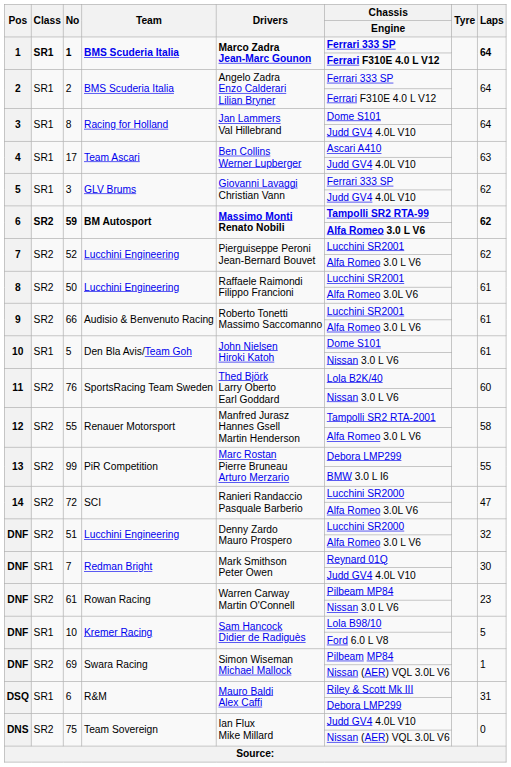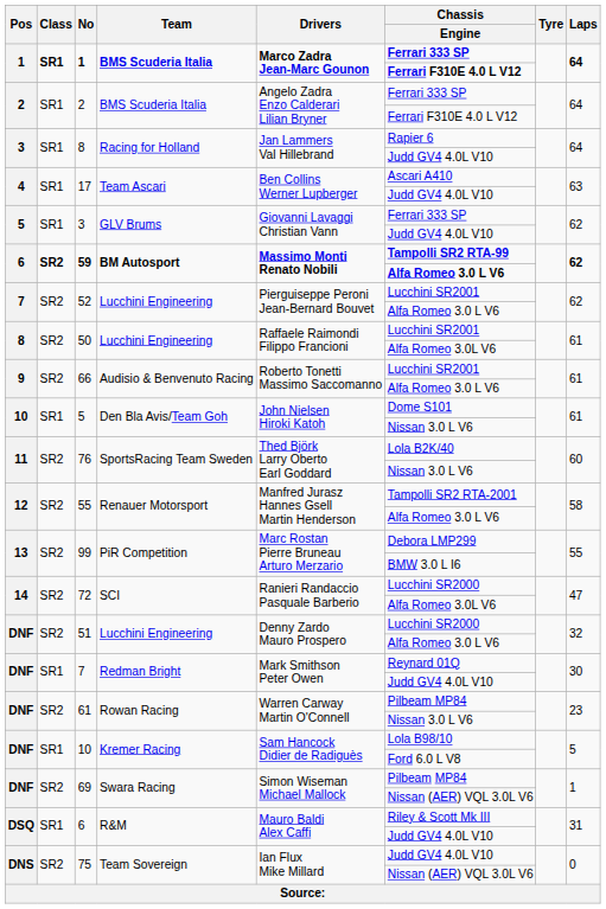 <table class="wikitable">
 <tr>
 <th rowspan="2">Pos</th>
 <th rowspan="2">Class</th>
 <th rowspan="2">No</th>
 <th rowspan="2">Team</th>
 <th rowspan="2">Drivers</th>
 <th>Chassis</th>
 <th rowspan="2">Tyre</th>
 <th rowspan="2">Laps</th>
 </tr>
 <tr>
 <th>Engine</th>
 </tr>
 <tr>
 <th rowspan="2">1</th>
 <td rowspan="2"><strong>SR1</strong></td>
 <td rowspan="2"><strong>1</strong></td>
 <td rowspan="2"><strong> <a href='#'>BMS Scuderia Italia</a></strong></td>
 <td rowspan="2"><strong> Marco Zadra<br> <a href='#'>Jean-Marc Gounon</a></strong></td>
 <td><strong><a href='#'>Ferrari 333 SP</a></strong></td>
 <td rowspan="2"></td>
 <td rowspan="2"><strong>64</strong></td>
 </tr>
 <tr>
 <td><strong><a href='#'>Ferrari</a> F310E 4.0 L V12</strong></td>
 </tr>
 <tr>
 <th rowspan="2">2</th>
 <td rowspan="2">SR1</td>
 <td rowspan="2">2</td>
 <td rowspan="2"> <a href='#'>BMS Scuderia Italia</a></td>
 <td rowspan="2"> Angelo Zadra<br> <a href='#'>Enzo Calderari</a><br> <a href='#'>Lilian Bryner</a></td>
 <td><a href='#'>Ferrari 333 SP</a></td>
 <td rowspan="2"></td>
 <td rowspan="2">64</td>
 </tr>
 <tr>
 <td><a href='#'>Ferrari</a> F310E 4.0 L V12</td>
 </tr>
 <tr>
 <th rowspan="2">3</th>
 <td rowspan="2">SR1</td>
 <td rowspan="2">8</td>
 <td rowspan="2"> <a href='#'>Racing for Holland</a></td>
 <td rowspan="2"> <a href='#'>Jan Lammers</a><br> Val Hillebrand</td>
-<td><a href='#'>Dome S101</a></td>
+<td><a href='#'>Rapier 6</a></td>
 <td rowspan="2"></td>
 <td rowspan="2">64</td>
 </tr>
 <tr>
 <td><a href='#'>Judd GV4</a> 4.0L V10</td>
 </tr>
 <tr>
 <th rowspan="2">4</th>
 <td rowspan="2">SR1</td>
 <td rowspan="2">17</td>
 <td rowspan="2"> <a href='#'>Team Ascari</a></td>
 <td rowspan="2"> <a href='#'>Ben Collins</a><br> <a href='#'>Werner Lupberger</a></td>
 <td><a href='#'>Ascari A410</a></td>
 <td rowspan="2"></td>
 <td rowspan="2">63</td>
 </tr>
 <tr>
 <td><a href='#'>Judd GV4</a> 4.0L V10</td>
 </tr>
 <tr>
 <th rowspan="2">5</th>
 <td rowspan="2">SR1</td>
 <td rowspan="2">3</td>
 <td rowspan="2"> <a href='#'>GLV Brums</a></td>
 <td rowspan="2"> <a href='#'>Giovanni Lavaggi</a><br> Christian Vann</td>
 <td><a href='#'>Ferrari 333 SP</a></td>
 <td rowspan="2"></td>
 <td rowspan="2">62</td>
 </tr>
 <tr>
 <td><a href='#'>Judd GV4</a> 4.0L V10</td>
 </tr>
 <tr>
 <th rowspan="2">6</th>
 <td rowspan="2"><strong>SR2</strong></td>
 <td rowspan="2"><strong>59</strong></td>
 <td rowspan="2"><strong> BM Autosport</strong></td>
 <td rowspan="2"><strong> <a href='#'>Massimo Monti</a><br> Renato Nobili</strong></td>
 <td><strong><a href='#'>Tampolli SR2 RTA-99</a></strong></td>
 <td rowspan="2"></td>
 <td rowspan="2"><strong>62</strong></td>
 </tr>
 <tr>
 <td><strong><a href='#'>Alfa Romeo</a> 3.0 L V6</strong></td>
 </tr>
 <tr>
 <th rowspan="2">7</th>
 <td rowspan="2">SR2</td>
 <td rowspan="2">52</td>
 <td rowspan="2"> <a href='#'>Lucchini Engineering</a></td>
 <td rowspan="2"> Pierguiseppe Peroni<br> Jean-Bernard Bouvet</td>
 <td><a href='#'>Lucchini SR2001</a></td>
 <td rowspan="2"></td>
 <td rowspan="2">62</td>
 </tr>
 <tr>
 <td><a href='#'>Alfa Romeo</a> 3.0 L V6</td>
 </tr>
 <tr>
 <th rowspan="2">8</th>
 <td rowspan="2">SR2</td>
 <td rowspan="2">50</td>
 <td rowspan="2"> <a href='#'>Lucchini Engineering</a></td>
 <td rowspan="2"> Raffaele Raimondi<br> Filippo Francioni</td>
 <td><a href='#'>Lucchini SR2001</a></td>
 <td rowspan="2"></td>
 <td rowspan="2">61</td>
 </tr>
 <tr>
 <td><a href='#'>Alfa Romeo</a> 3.0L V6</td>
 </tr>
 <tr>
 <th rowspan="2">9</th>
 <td rowspan="2">SR2</td>
 <td rowspan="2">66</td>
 <td rowspan="2"> Audisio & Benvenuto Racing</td>
 <td rowspan="2"> Roberto Tonetti<br> Massimo Saccomanno</td>
 <td><a href='#'>Lucchini SR2001</a></td>
 <td rowspan="2"></td>
 <td rowspan="2">61</td>
 </tr>
 <tr>
 <td><a href='#'>Alfa Romeo</a> 3.0 L V6</td>
 </tr>
 <tr>
 <th rowspan="2">10</th>
 <td rowspan="2">SR1</td>
 <td rowspan="2">5</td>
 <td rowspan="2"> Den Bla Avis/<a href='#'>Team Goh</a></td>
 <td rowspan="2"> <a href='#'>John Nielsen</a><br> <a href='#'>Hiroki Katoh</a></td>
 <td><a href='#'>Dome S101</a></td>
 <td rowspan="2"></td>
 <td rowspan="2">61</td>
 </tr>
 <tr>
 <td><a href='#'>Nissan</a> 3.0 L V6</td>
 </tr>
 <tr>
 <th rowspan="2">11</th>
 <td rowspan="2">SR2</td>
 <td rowspan="2">76</td>
 <td rowspan="2"> SportsRacing Team Sweden</td>
 <td rowspan="2"> <a href='#'>Thed Björk</a><br> Larry Oberto<br> Earl Goddard</td>
 <td><a href='#'>Lola B2K/40</a></td>
 <td rowspan="2"></td>
 <td rowspan="2">60</td>
 </tr>
 <tr>
 <td><a href='#'>Nissan</a> 3.0 L V6</td>
 </tr>
 <tr>
 <th rowspan="2">12</th>
 <td rowspan="2">SR2</td>
 <td rowspan="2">55</td>
 <td rowspan="2"> Renauer Motorsport</td>
 <td rowspan="2"> Manfred Jurasz<br> Hannes Gsell<br> Martin Henderson</td>
 <td><a href='#'>Tampolli SR2 RTA-2001</a></td>
 <td rowspan="2"></td>
 <td rowspan="2">58</td>
 </tr>
 <tr>
 <td><a href='#'>Alfa Romeo</a> 3.0 L V6</td>
 </tr>
 <tr>
 <th rowspan="2">13</th>
 <td rowspan="2">SR2</td>
 <td rowspan="2">99</td>
 <td rowspan="2"> PiR Competition</td>
 <td rowspan="2"> <a href='#'>Marc Rostan</a><br> Pierre Bruneau<br> <a href='#'>Arturo Merzario</a></td>
 <td><a href='#'>Debora LMP299</a></td>
 <td rowspan="2"></td>
 <td rowspan="2">55</td>
 </tr>
 <tr>
 <td><a href='#'>BMW</a> 3.0 L I6</td>
 </tr>
 <tr>
 <th rowspan="2">14</th>
 <td rowspan="2">SR2</td>
 <td rowspan="2">72</td>
 <td rowspan="2"> SCI</td>
 <td rowspan="2"> Ranieri Randaccio<br> Pasquale Barberio</td>
 <td><a href='#'>Lucchini SR2000</a></td>
 <td rowspan="2"></td>
 <td rowspan="2">47</td>
 </tr>
 <tr>
 <td><a href='#'>Alfa Romeo</a> 3.0L V6</td>
 </tr>
 <tr>
 <th rowspan="2">DNF</th>
 <td rowspan="2">SR2</td>
 <td rowspan="2">51</td>
 <td rowspan="2"> <a href='#'>Lucchini Engineering</a></td>
 <td rowspan="2"> Denny Zardo<br> Mauro Prospero</td>
 <td><a href='#'>Lucchini SR2000</a></td>
 <td rowspan="2"></td>
 <td rowspan="2">32</td>
 </tr>
 <tr>
 <td><a href='#'>Alfa Romeo</a> 3.0 L V6</td>
 </tr>
 <tr>
 <th rowspan="2">DNF</th>
 <td rowspan="2">SR1</td>
 <td rowspan="2">7</td>
 <td rowspan="2"> <a href='#'>Redman Bright</a></td>
 <td rowspan="2"> Mark Smithson<br> Peter Owen</td>
 <td><a href='#'>Reynard 01Q</a></td>
 <td rowspan="2"></td>
 <td rowspan="2">30</td>
 </tr>
 <tr>
 <td><a href='#'>Judd GV4</a> 4.0L V10</td>
 </tr>
 <tr>
 <th rowspan="2">DNF</th>
 <td rowspan="2">SR2</td>
 <td rowspan="2">61</td>
 <td rowspan="2"> Rowan Racing</td>
 <td rowspan="2"> Warren Carway<br> Martin O'Connell</td>
 <td><a href='#'>Pilbeam MP84</a></td>
 <td rowspan="2"></td>
 <td rowspan="2">23</td>
 </tr>
 <tr>
 <td><a href='#'>Nissan</a> 3.0 L V6</td>
 </tr>
 <tr>
 <th rowspan="2">DNF</th>
 <td rowspan="2">SR1</td>
 <td rowspan="2">10</td>
 <td rowspan="2"> <a href='#'>Kremer Racing</a></td>
 <td rowspan="2"> <a href='#'>Sam Hancock</a><br> <a href='#'>Didier de Radiguès</a></td>
 <td><a href='#'>Lola B98/10</a></td>
 <td rowspan="2"></td>
 <td rowspan="2">5</td>
 </tr>
 <tr>
 <td><a href='#'>Ford</a> 6.0 L V8</td>
 </tr>
 <tr>
 <th rowspan="2">DNF</th>
 <td rowspan="2">SR2</td>
 <td rowspan="2">69</td>
 <td rowspan="2"> Swara Racing</td>
 <td rowspan="2"> Simon Wiseman<br> <a href='#'>Michael Mallock</a></td>
 <td><a href='#'>Pilbeam</a> <a href='#'>MP84</a></td>
 <td rowspan="2"></td>
 <td rowspan="2">1</td>
 </tr>
 <tr>
 <td><a href='#'>Nissan</a> (<a href='#'>AER</a>) VQL 3.0L V6</td>
 </tr>
 <tr>
 <th rowspan="2">DSQ</th>
 <td rowspan="2">SR1</td>
 <td rowspan="2">6</td>
 <td rowspan="2"> R&M</td>
 <td rowspan="2"> <a href='#'>Mauro Baldi</a><br> <a href='#'>Alex Caffi</a></td>
 <td><a href='#'>Riley & Scott Mk III</a></td>
 <td rowspan="2"></td>
 <td rowspan="2">31</td>
 </tr>
 <tr>
-<td><a href='#'>Debora LMP299</a></td>
+<td><a href='#'>Judd GV4</a> 4.0L V10</td>
 </tr>
 <tr>
 <th rowspan="2">DNS</th>
 <td rowspan="2">SR2</td>
 <td rowspan="2">75</td>
 <td rowspan="2"> Team Sovereign</td>
 <td rowspan="2"> Ian Flux<br> Mike Millard</td>
 <td><a href='#'>Judd GV4</a> 4.0L V10</td>
 <td rowspan="2"></td>
 <td rowspan="2">0</td>
 </tr>
 <tr>
 <td><a href='#'>Nissan</a> (<a href='#'>AER</a>) VQL 3.0L V6</td>
 </tr>
 <tr>
 <th colspan="8">Source:</th>
 </tr>
 </table>
